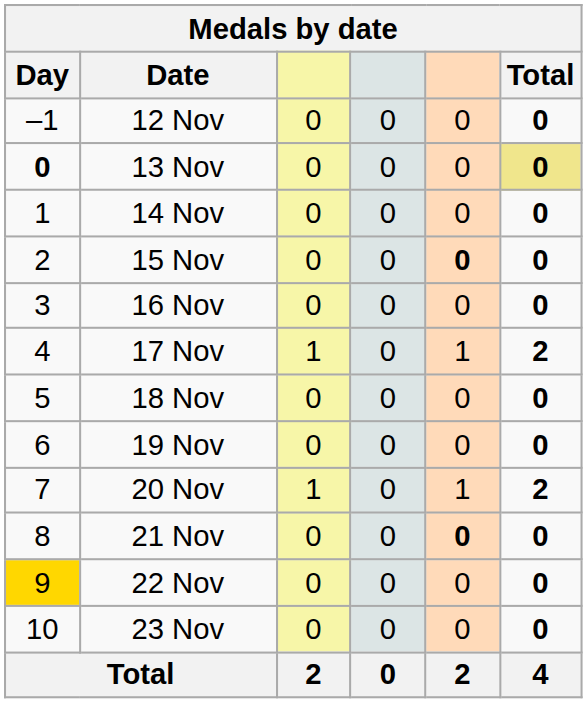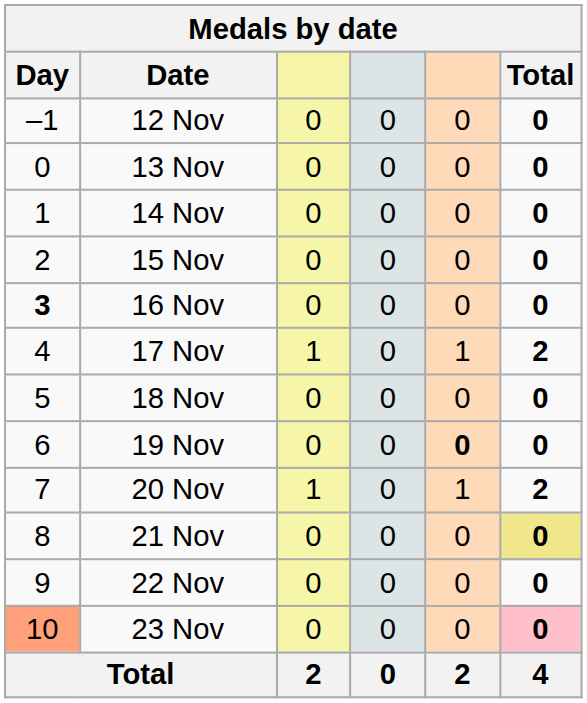 <table class="wikitable" style="font-size:90%; text-align:center;">
 <tr style="background:#efefef;">
 <th colspan=6><strong>Medals by date</strong></th>
 </tr>
 <tr>
 <th width=30><strong>Day</strong></th>
 <th width=90><strong>Date</strong></th>
 <th width=30 style="background:#F7F6A8;"></th>
 <th width=30 style="background:#DCE5E5;"></th>
 <th width=30 style="background:#FFDAB9;"></th>
 <th width=30><strong>Total</strong></th>
 </tr>
 <tr>
 <td>–1</td>
 <td>12 Nov</td>
 <td style="background:#F7F6A8;">0</td>
 <td style="background:#DCE5E5;">0</td>
 <td style="background:#FFDAB9;">0</td>
 <td><strong>0</strong></td>
 </tr>
 <tr>
-<td><strong>0</strong></td>
+<td>0</td>
 <td>13 Nov</td>
 <td style="background:#F7F6A8;">0</td>
 <td style="background:#DCE5E5;">0</td>
 <td style="background:#FFDAB9;">0</td>
-<td style="background: khaki;"><strong>0</strong></td>
+<td><strong>0</strong></td>
 </tr>
 <tr>
 <td>1</td>
 <td>14 Nov</td>
 <td style="background:#F7F6A8;">0</td>
 <td style="background:#DCE5E5;">0</td>
 <td style="background:#FFDAB9;">0</td>
 <td><strong>0</strong></td>
 </tr>
 <tr>
 <td>2</td>
 <td>15 Nov</td>
 <td style="background:#F7F6A8;">0</td>
 <td style="background:#DCE5E5;">0</td>
-<td style="background:#FFDAB9;"><strong>0</strong></td>
+<td style="background:#FFDAB9;">0</td>
 <td><strong>0</strong></td>
 </tr>
 <tr>
-<td>3</td>
+<td><strong>3</strong></td>
 <td>16 Nov</td>
 <td style="background:#F7F6A8;">0</td>
 <td style="background:#DCE5E5;">0</td>
 <td style="background:#FFDAB9;">0</td>
 <td><strong>0</strong></td>
 </tr>
 <tr>
 <td>4</td>
 <td>17 Nov</td>
 <td style="background:#F7F6A8;">1</td>
 <td style="background:#DCE5E5;">0</td>
 <td style="background:#FFDAB9;">1</td>
 <td><strong>2</strong></td>
 </tr>
 <tr>
 <td>5</td>
 <td>18 Nov</td>
 <td style="background:#F7F6A8;">0</td>
 <td style="background:#DCE5E5;">0</td>
 <td style="background:#FFDAB9;">0</td>
 <td><strong>0</strong></td>
 </tr>
 <tr>
 <td>6</td>
 <td>19 Nov</td>
 <td style="background:#F7F6A8;">0</td>
 <td style="background:#DCE5E5;">0</td>
-<td style="background:#FFDAB9;">0</td>
+<td style="background:#FFDAB9;"><strong>0</strong></td>
 <td><strong>0</strong></td>
 </tr>
 <tr>
 <td>7</td>
 <td>20 Nov</td>
 <td style="background:#F7F6A8;">1</td>
 <td style="background:#DCE5E5;">0</td>
 <td style="background:#FFDAB9;">1</td>
 <td><strong>2</strong></td>
 </tr>
 <tr>
 <td>8</td>
 <td>21 Nov</td>
 <td style="background:#F7F6A8;">0</td>
 <td style="background:#DCE5E5;">0</td>
-<td style="background:#FFDAB9;"><strong>0</strong></td>
-<td><strong>0</strong></td>
+<td style="background:#FFDAB9;">0</td>
+<td style="background: khaki;"><strong>0</strong></td>
 </tr>
 <tr>
-<td style="background: gold;">9</td>
+<td>9</td>
 <td>22 Nov</td>
 <td style="background:#F7F6A8;">0</td>
 <td style="background:#DCE5E5;">0</td>
 <td style="background:#FFDAB9;">0</td>
 <td><strong>0</strong></td>
 </tr>
 <tr>
-<td>10</td>
+<td style="background: lightsalmon;">10</td>
 <td>23 Nov</td>
 <td style="background:#F7F6A8;">0</td>
 <td style="background:#DCE5E5;">0</td>
 <td style="background:#FFDAB9;">0</td>
-<td><strong>0</strong></td>
+<td style="background: pink;"><strong>0</strong></td>
 </tr>
 <tr>
 <th colspan="2"><strong>Total</strong></th>
 <th><strong>2</strong></th>
 <th><strong>0</strong></th>
 <th><strong>2</strong></th>
 <th><strong>4</strong></th>
 </tr>
 </table>
